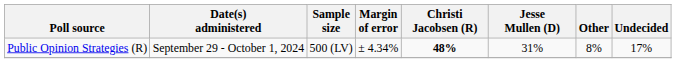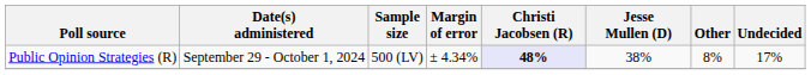 <table class="wikitable" style="font-size:90%;text-align:center;">
 <tr valign=bottom>
 <th>Poll source</th>
 <th>Date(s)<br>administered</th>
 <th>Sample<br>size</th>
 <th>Margin<br>of error</th>
 <th style="width:100px;">Christi<br>Jacobsen (R)</th>
 <th style="width:100px;">Jesse<br>Mullen (D)</th>
 <th>Other</th>
 <th>Undecided</th>
 </tr>
 <tr>
 <td style="text-align:left"><a href='#'>Public Opinion Strategies</a> (R)</td>
 <td>September 29 - October 1, 2024</td>
 <td>500 (LV)</td>
 <td>± 4.34%</td>
-<td><strong>48%</strong></td>
-<td>31%</td>
+<td style="background: lavender;"><strong>48%</strong></td>
+<td>38%</td>
 <td>8%</td>
 <td>17%</td>
 </tr>
 <tr>
 </tr>
 </table>
